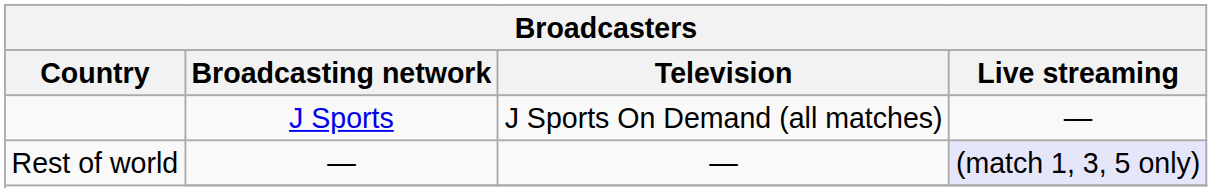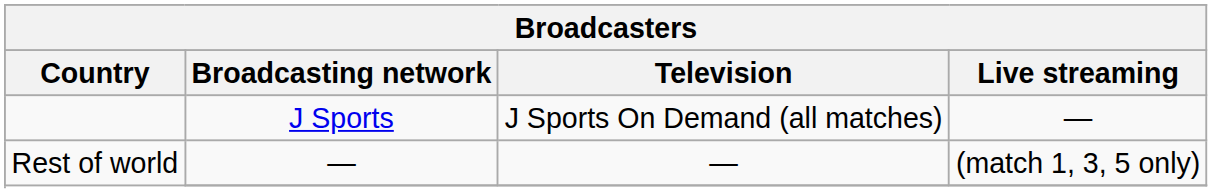 <table class="wikitable" style="font-size:95%; text-align:center;">
 <tr>
 <th colspan="4">Broadcasters</th>
 </tr>
 <tr>
 <th>Country</th>
 <th>Broadcasting network</th>
 <th>Television</th>
 <th>Live streaming</th>
 </tr>
 <tr>
 <td align="left"></td>
 <td><a href='#'>J Sports</a></td>
 <td>J Sports On Demand (all matches)</td>
 <td>—</td>
 </tr>
 <tr>
 <td style="text-align:left" rowspan=2>Rest of world</td>
 <td>—</td>
 <td>—</td>
-<td style="background: lavender;"> (match 1, 3, 5 only)</td>
+<td> (match 1, 3, 5 only)</td>
 </tr>
 <tr>
 </tr>
 </table>
